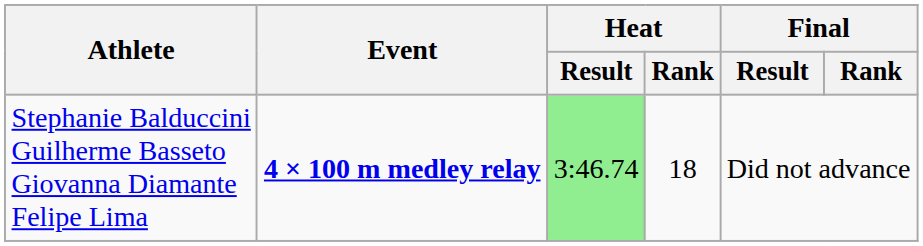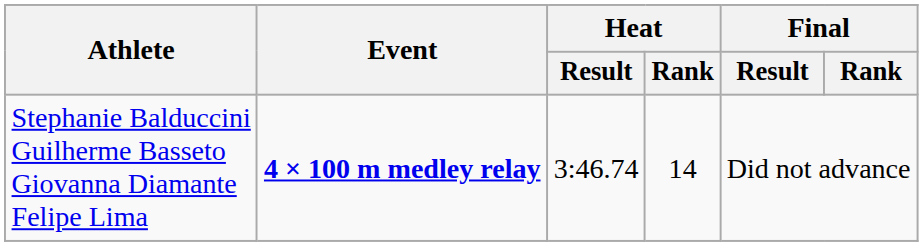 <table class="wikitable" style="font-size:90%">
 <tr>
 <th rowspan="2">Athlete</th>
 <th rowspan="2">Event</th>
 <th colspan="2">Heat</th>
 <th colspan="2">Final</th>
 </tr>
 <tr style="font-size:95%">
 <th>Result</th>
 <th>Rank</th>
 <th>Result</th>
 <th>Rank</th>
 </tr>
 <tr align=center>
 <td align=left><a href='#'>Stephanie Balduccini</a><br><a href='#'>Guilherme Basseto</a><br><a href='#'>Giovanna Diamante</a><br><a href='#'>Felipe Lima</a></td>
 <td align=left><strong><a href='#'>4 × 100 m medley relay</a></strong></td>
-<td style="background: lightgreen;">3:46.74</td>
-<td>18</td>
+<td>3:46.74</td>
+<td>14</td>
 <td colspan="2">Did not advance</td>
 </tr>
 </table>
